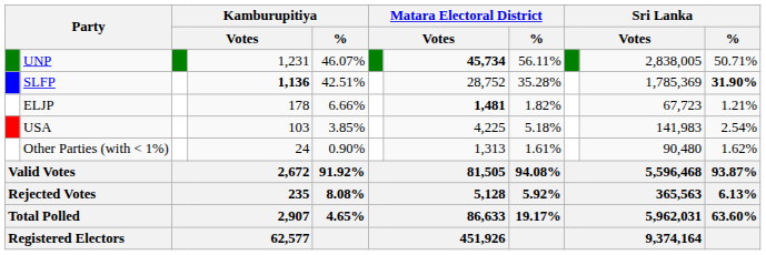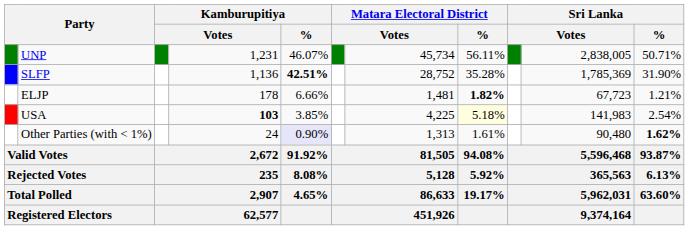 <table class="wikitable">
 <tr>
 <th colspan="2" width="144px"rowspan="2">Party</th>
 <th colspan="3" width="216px">Kamburupitiya</th>
 <th colspan="3" width="216px"><a href='#'>Matara Electoral District</a></th>
 <th colspan="3" width="216px">Sri Lanka</th>
 </tr>
 <tr>
 <th colspan="2" width="144px">Votes</th>
 <th>%</th>
 <th colspan="2" width="144px">Votes</th>
 <th>%</th>
 <th colspan="2" width="144px">Votes</th>
 <th>%</th>
 </tr>
 <tr>
 <td style="background-color:green;" width="10px"></td>
 <td style="text-align:left;"><a href='#'>UNP</a></td>
 <td style="background-color:green;" width="10px"></td>
 <td style="text-align:right;">1,231</td>
 <td style="text-align:right;">46.07%</td>
 <td style="background-color:green;" width="10px"></td>
-<td style="text-align:right;"><strong>45,734</strong></td>
+<td style="text-align:right;">45,734</td>
 <td style="text-align:right;">56.11%</td>
 <td style="background-color:green;" width="10px"></td>
 <td style="text-align:right;">2,838,005</td>
 <td style="text-align:right;">50.71%</td>
 </tr>
 <tr>
 <td style="background-color:blue;" width="10px"></td>
 <td style="text-align:left;"><a href='#'>SLFP</a></td>
 <td style="background-color:white;" width="10px"></td>
-<td style="text-align:right;"><strong>1,136</strong></td>
-<td style="text-align:right;">42.51%</td>
+<td style="text-align:right;">1,136</td>
+<td style="text-align:right;"><strong>42.51%</strong></td>
 <td style="background-color:white;" width="10px"></td>
 <td style="text-align:right;">28,752</td>
 <td style="text-align:right;">35.28%</td>
 <td style="background-color:white;" width="10px"></td>
 <td style="text-align:right;">1,785,369</td>
-<td style="text-align:right;"><strong>31.90%</strong></td>
+<td style="text-align:right;">31.90%</td>
 </tr>
 <tr>
 <td style="background-color:white;" width="10px"></td>
 <td style="text-align:left;">ELJP</td>
 <td style="background-color:white;" width="10px"></td>
 <td style="text-align:right;">178</td>
 <td style="text-align:right;">6.66%</td>
 <td style="background-color:white;" width="10px"></td>
-<td style="text-align:right;"><strong>1,481</strong></td>
-<td style="text-align:right;">1.82%</td>
+<td style="text-align:right;">1,481</td>
+<td style="text-align:right;"><strong>1.82%</strong></td>
 <td style="background-color:white;" width="10px"></td>
 <td style="text-align:right;">67,723</td>
 <td style="text-align:right;">1.21%</td>
 </tr>
 <tr>
 <td style="background-color:red;" width="10px"></td>
 <td style="text-align:left;">USA</td>
 <td style="background-color:white;" width="10px"></td>
-<td style="text-align:right;">103</td>
+<td style="text-align:right;"><strong>103</strong></td>
 <td style="text-align:right;">3.85%</td>
 <td style="background-color:white;" width="10px"></td>
 <td style="text-align:right;">4,225</td>
-<td style="text-align:right;">5.18%</td>
+<td style="background: lightyellow; text-align:right;">5.18%</td>
 <td style="background-color:white;" width="10px"></td>
 <td style="text-align:right;">141,983</td>
 <td style="text-align:right;">2.54%</td>
 </tr>
 <tr>
 <td style="background-color:white;" width="10px"></td>
 <td style="text-align:left;">Other Parties (with < 1%)</td>
 <td style="background-color:white;" width="10px"></td>
 <td style="text-align:right;">24</td>
-<td style="text-align:right;">0.90%</td>
+<td style="background: lavender; text-align:right;">0.90%</td>
 <td style="background-color:white;" width="10px"></td>
 <td style="text-align:right;">1,313</td>
 <td style="text-align:right;">1.61%</td>
 <td style="background-color:white;" width="10px"></td>
 <td style="text-align:right;">90,480</td>
-<td style="text-align:right;">1.62%</td>
+<td style="text-align:right;"><strong>1.62%</strong></td>
 </tr>
 <tr>
 <th colspan="2" width="144px"style="text-align:left;">Valid Votes</th>
 <th style="text-align:right;"colspan="2" width="144px">2,672</th>
 <th style="text-align:right;">91.92%</th>
 <th style="text-align:right;"colspan="2" width="144px">81,505</th>
 <th style="text-align:right;">94.08%</th>
 <th style="text-align:right;"colspan="2" width="144px">5,596,468</th>
 <th style="text-align:right;">93.87%</th>
 </tr>
 <tr>
 <th colspan="2" width="144px"style="text-align:left;">Rejected Votes</th>
 <th style="text-align:right;"colspan="2" width="144px">235</th>
 <th style="text-align:right;">8.08%</th>
 <th style="text-align:right;"colspan="2" width="144px">5,128</th>
 <th style="text-align:right;">5.92%</th>
 <th style="text-align:right;"colspan="2" width="144px">365,563</th>
 <th style="text-align:right;">6.13%</th>
 </tr>
 <tr>
 <th colspan="2" width="144px"style="text-align:left;">Total Polled</th>
 <th style="text-align:right;"colspan="2" width="144px">2,907</th>
 <th style="text-align:right;">4.65%</th>
 <th style="text-align:right;"colspan="2" width="144px">86,633</th>
 <th style="text-align:right;">19.17%</th>
 <th style="text-align:right;"colspan="2" width="144px">5,962,031</th>
 <th style="text-align:right;">63.60%</th>
 </tr>
 <tr>
 <th colspan="2" width="144px"style="text-align:left;">Registered Electors</th>
 <th style="text-align:right;"colspan="2" width="144px">62,577</th>
 <th></th>
 <th style="text-align:right;"colspan="2" width="144px">451,926</th>
 <th></th>
 <th style="text-align:right;"colspan="2" width="144px">9,374,164</th>
 <th></th>
 </tr>
 </table>
